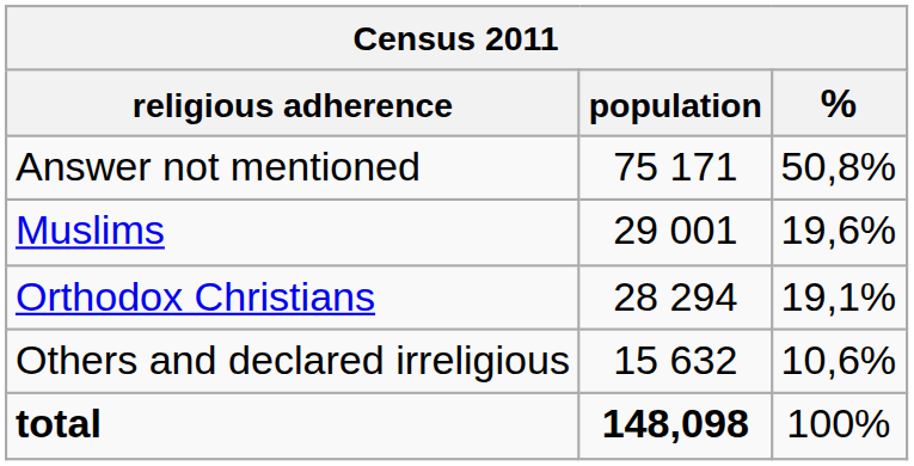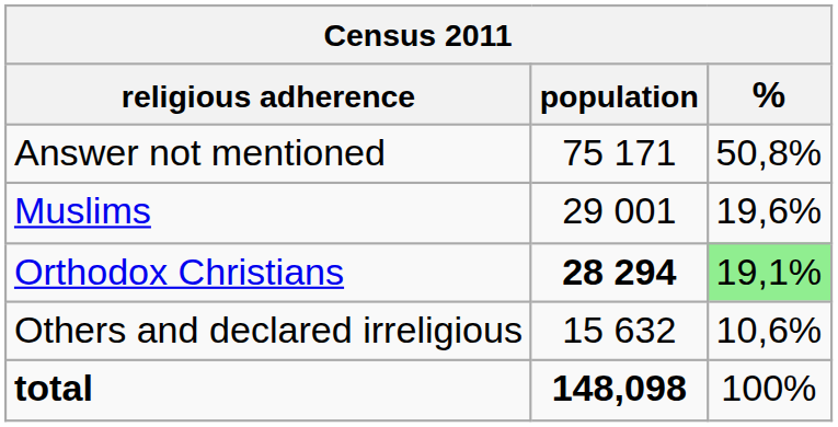 <table class="wikitable">
 <tr>
 <th colspan=3><small>Census 2011</small></th>
 </tr>
 <tr>
 <th><small>religious adherence</small></th>
 <th><small>population</small></th>
 <th>%</th>
 </tr>
 <tr>
 <td>Answer not mentioned</td>
 <td align="middle">75 171</td>
 <td align="middle">50,8%</td>
 </tr>
 <tr>
 <td><a href='#'>Muslims</a></td>
 <td align="middle">29 001</td>
 <td align="middle">19,6%</td>
 </tr>
 <tr>
 <td><a href='#'>Orthodox Christians</a></td>
-<td align="middle">28 294</td>
-<td align="middle">19,1%</td>
+<td align="middle"><strong>28 294</strong></td>
+<td align="middle" style="background: lightgreen;">19,1%</td>
 </tr>
 <tr>
 <td>Others and declared irreligious</td>
 <td align="middle">15 632</td>
 <td align="middle">10,6%</td>
 </tr>
 <tr>
 <td><strong>total</strong></td>
 <td align="middle"><strong>148,098</strong></td>
 <td align="middle">100%</td>
 </tr>
 </table>
